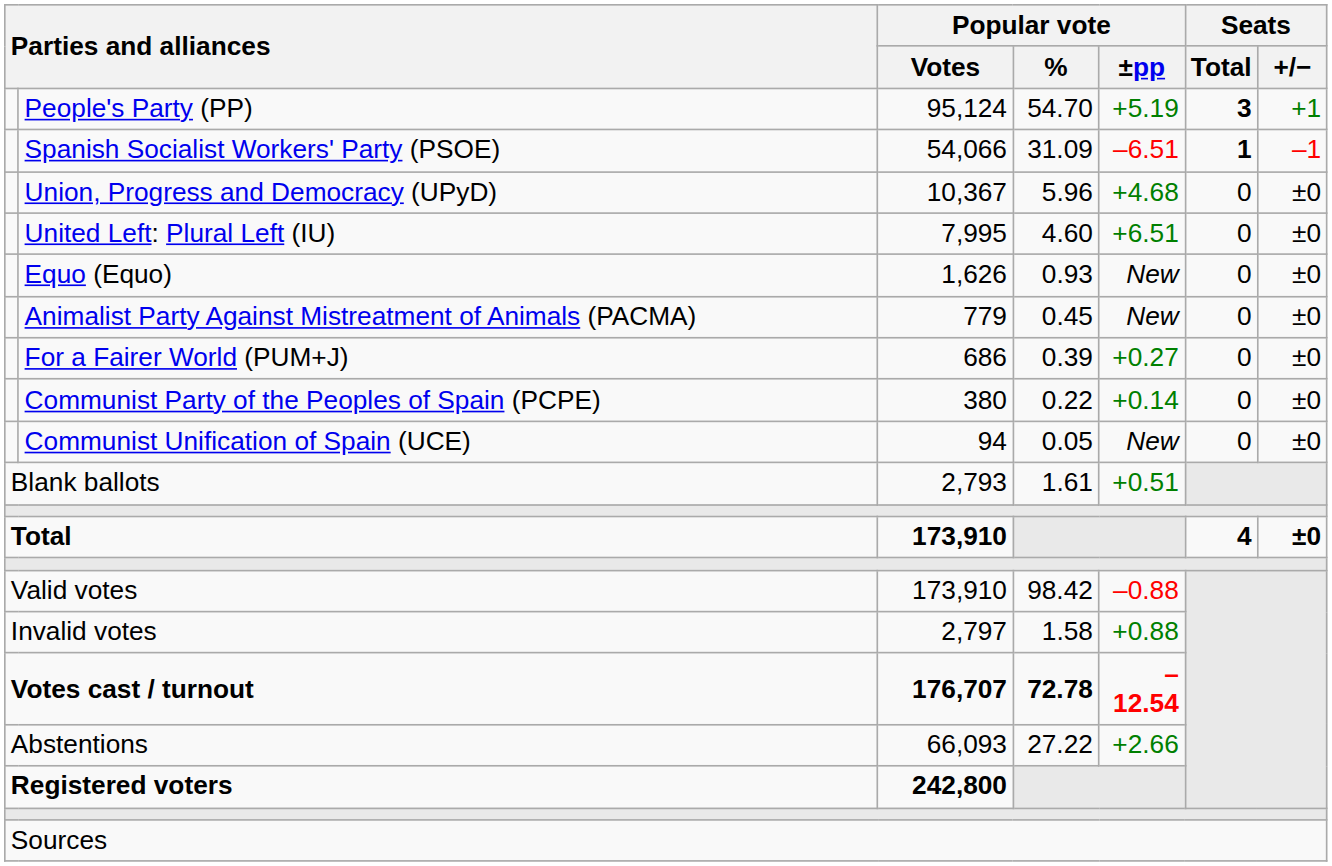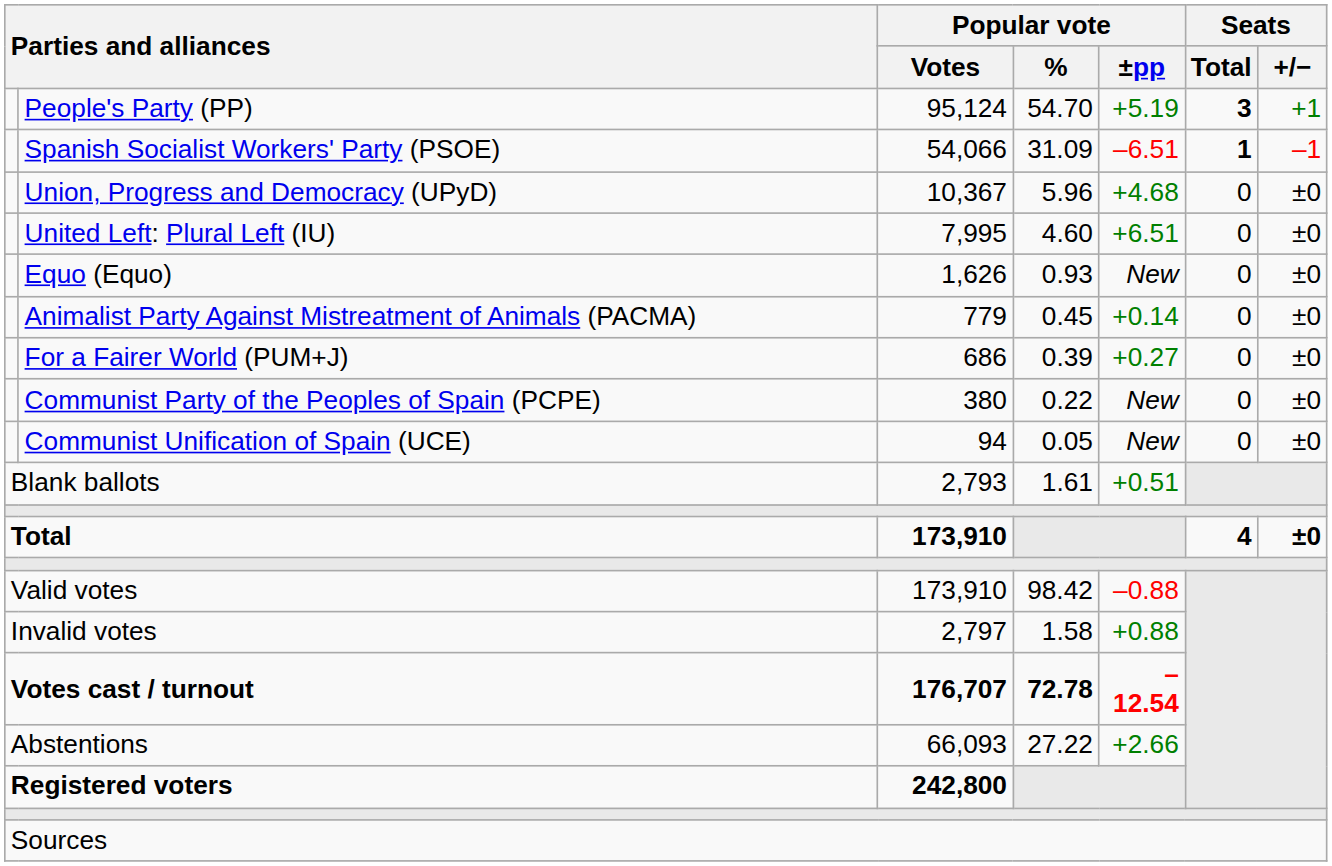 <table class="wikitable" style="text-align:right;">
 <tr>
 <th style="text-align:left;" rowspan="2" colspan="2" width="525">Parties and alliances</th>
 <th colspan="3">Popular vote</th>
 <th colspan="2">Seats</th>
 </tr>
 <tr>
 <th width="75">Votes</th>
 <th width="45">%</th>
 <th width="45">±<a href='#'>pp</a></th>
 <th width="35">Total</th>
 <th width="35">+/−</th>
 </tr>
 <tr>
 <td width="1" style="color:inherit;background:"></td>
 <td align="left"><a href='#'>People's Party</a> (PP)</td>
 <td>95,124</td>
 <td>54.70</td>
 <td style="color:green;">+5.19</td>
 <td><strong>3</strong></td>
 <td style="color:green;">+1</td>
 </tr>
 <tr>
 <td style="color:inherit;background:"></td>
 <td align="left"><a href='#'>Spanish Socialist Workers' Party</a> (PSOE)</td>
 <td>54,066</td>
 <td>31.09</td>
 <td style="color:red;">–6.51</td>
 <td><strong>1</strong></td>
 <td style="color:red;">–1</td>
 </tr>
 <tr>
 <td style="color:inherit;background:"></td>
 <td align="left"><a href='#'>Union, Progress and Democracy</a> (UPyD)</td>
 <td>10,367</td>
 <td>5.96</td>
 <td style="color:green;">+4.68</td>
 <td>0</td>
 <td>±0</td>
 </tr>
 <tr>
 <td style="color:inherit;background:"></td>
 <td align="left"><a href='#'>United Left</a>: <a href='#'>Plural Left</a> (IU)</td>
 <td>7,995</td>
 <td>4.60</td>
 <td style="color:green;">+6.51</td>
 <td>0</td>
 <td>±0</td>
 </tr>
 <tr>
 <td style="color:inherit;background:"></td>
 <td align="left"><a href='#'>Equo</a> (Equo)</td>
 <td>1,626</td>
 <td>0.93</td>
 <td><em>New</em></td>
 <td>0</td>
 <td>±0</td>
 </tr>
 <tr>
 <td style="color:inherit;background:"></td>
 <td align="left"><a href='#'>Animalist Party Against Mistreatment of Animals</a> (PACMA)</td>
 <td>779</td>
 <td>0.45</td>
-<td><em>New</em></td>
+<td style="color:green;">+0.14</td>
 <td>0</td>
 <td>±0</td>
 </tr>
 <tr>
 <td style="color:inherit;background:"></td>
 <td align="left"><a href='#'>For a Fairer World</a> (PUM+J)</td>
 <td>686</td>
 <td>0.39</td>
 <td style="color:green;">+0.27</td>
 <td>0</td>
 <td>±0</td>
 </tr>
 <tr>
 <td style="color:inherit;background:"></td>
 <td align="left"><a href='#'>Communist Party of the Peoples of Spain</a> (PCPE)</td>
 <td>380</td>
 <td>0.22</td>
-<td style="color:green;">+0.14</td>
+<td><em>New</em></td>
 <td>0</td>
 <td>±0</td>
 </tr>
 <tr>
 <td style="color:inherit;background:"></td>
 <td align="left"><a href='#'>Communist Unification of Spain</a> (UCE)</td>
 <td>94</td>
 <td>0.05</td>
 <td><em>New</em></td>
 <td>0</td>
 <td>±0</td>
 </tr>
 <tr>
 <td align="left" colspan="2">Blank ballots</td>
 <td>2,793</td>
 <td>1.61</td>
 <td style="color:green;">+0.51</td>
 <td bgcolor="#E9E9E9" colspan="2"></td>
 </tr>
 <tr>
 <td colspan="7" bgcolor="#E9E9E9"></td>
 </tr>
 <tr style="font-weight:bold;">
 <td align="left" colspan="2">Total</td>
 <td>173,910</td>
 <td bgcolor="#E9E9E9" colspan="2"></td>
 <td>4</td>
 <td>±0</td>
 </tr>
 <tr>
 <td colspan="7" bgcolor="#E9E9E9"></td>
 </tr>
 <tr>
 <td align="left" colspan="2">Valid votes</td>
 <td>173,910</td>
 <td>98.42</td>
 <td style="color:red;">–0.88</td>
 <td bgcolor="#E9E9E9" colspan="2" rowspan="5"></td>
 </tr>
 <tr>
 <td align="left" colspan="2">Invalid votes</td>
 <td>2,797</td>
 <td>1.58</td>
 <td style="color:green;">+0.88</td>
 </tr>
 <tr style="font-weight:bold;">
 <td align="left" colspan="2">Votes cast / turnout</td>
 <td>176,707</td>
 <td>72.78</td>
 <td style="color:red;">–12.54</td>
 </tr>
 <tr>
 <td align="left" colspan="2">Abstentions</td>
 <td>66,093</td>
 <td>27.22</td>
 <td style="color:green;">+2.66</td>
 </tr>
 <tr style="font-weight:bold;">
 <td align="left" colspan="2">Registered voters</td>
 <td>242,800</td>
 <td bgcolor="#E9E9E9" colspan="2"></td>
 </tr>
 <tr>
 <td colspan="7" bgcolor="#E9E9E9"></td>
 </tr>
 <tr>
 <td align="left" colspan="7">Sources</td>
 </tr>
 </table>
